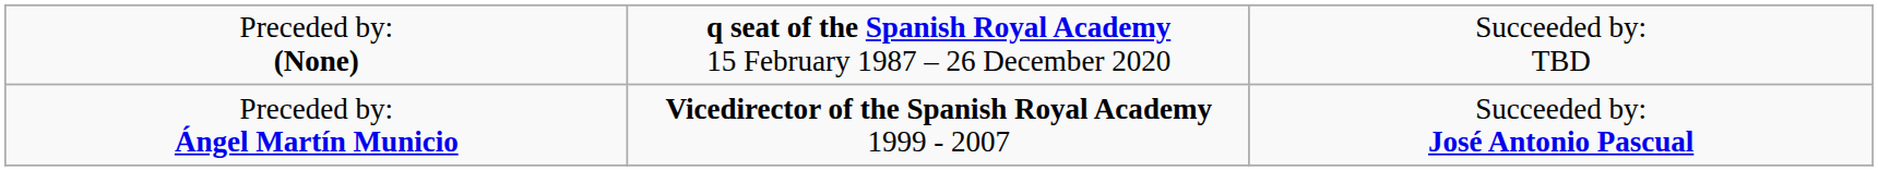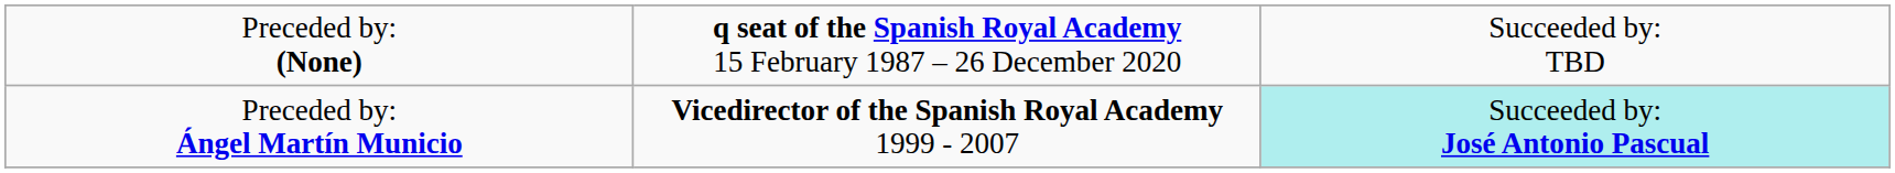 <table class="wikitable">
 <tr>
 <td width="30%" align="center">Preceded by:<br><strong>(None)</strong></td>
 <td width="30%" align="center"><strong>q seat of the <a href='#'>Spanish Royal Academy</a></strong><br>15 February 1987 – 26 December 2020</td>
 <td width="30%" align="center">Succeeded by:<br>TBD</td>
 </tr>
 <tr>
 <td width="30%" align="center">Preceded by:<br><strong><a href='#'>Ángel Martín Municio</a></strong></td>
 <td width="30%" align="center"><strong>Vicedirector of the Spanish Royal Academy</strong><br>1999 - 2007</td>
-<td width="30%" align="center">Succeeded by:<br><strong><a href='#'>José Antonio Pascual</a></strong></td>
+<td width="30%" align="center" style="background: paleturquoise;">Succeeded by:<br><strong><a href='#'>José Antonio Pascual</a></strong></td>
 </tr>
 </table>
